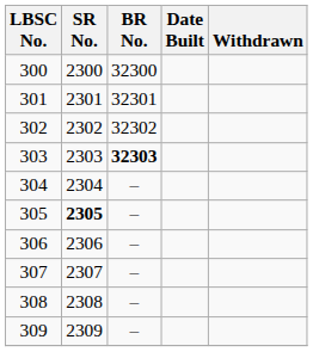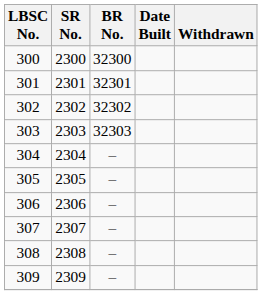 <table class="wikitable sortable mw-collapsible" style=text-align:center>
 <tr>
 <th>LBSC<br>No.</th>
 <th>SR<br>No.</th>
 <th>BR<br>No.</th>
 <th>Date<br>Built</th>
 <th><br>Withdrawn</th>
 </tr>
 <tr>
 <td>300</td>
 <td>2300</td>
 <td>32300</td>
 <td></td>
 <td></td>
 </tr>
 <tr>
 <td>301</td>
 <td>2301</td>
 <td>32301</td>
 <td></td>
 <td></td>
 </tr>
 <tr>
 <td>302</td>
 <td>2302</td>
 <td>32302</td>
 <td></td>
 <td></td>
 </tr>
 <tr>
 <td>303</td>
 <td>2303</td>
-<td><strong>32303</strong></td>
+<td>32303</td>
 <td></td>
 <td></td>
 </tr>
 <tr>
 <td>304</td>
 <td>2304</td>
 <td>–</td>
 <td></td>
 <td></td>
 </tr>
 <tr>
 <td>305</td>
-<td><strong>2305</strong></td>
+<td>2305</td>
 <td>–</td>
 <td></td>
 <td></td>
 </tr>
 <tr>
 <td>306</td>
 <td>2306</td>
 <td>–</td>
 <td></td>
 <td></td>
 </tr>
 <tr>
 <td>307</td>
 <td>2307</td>
 <td>–</td>
 <td></td>
 <td></td>
 </tr>
 <tr>
 <td>308</td>
 <td>2308</td>
 <td>–</td>
 <td></td>
 <td></td>
 </tr>
 <tr>
 <td>309</td>
 <td>2309</td>
 <td>–</td>
 <td></td>
 <td></td>
 </tr>
 <tr>
 </tr>
 </table>
